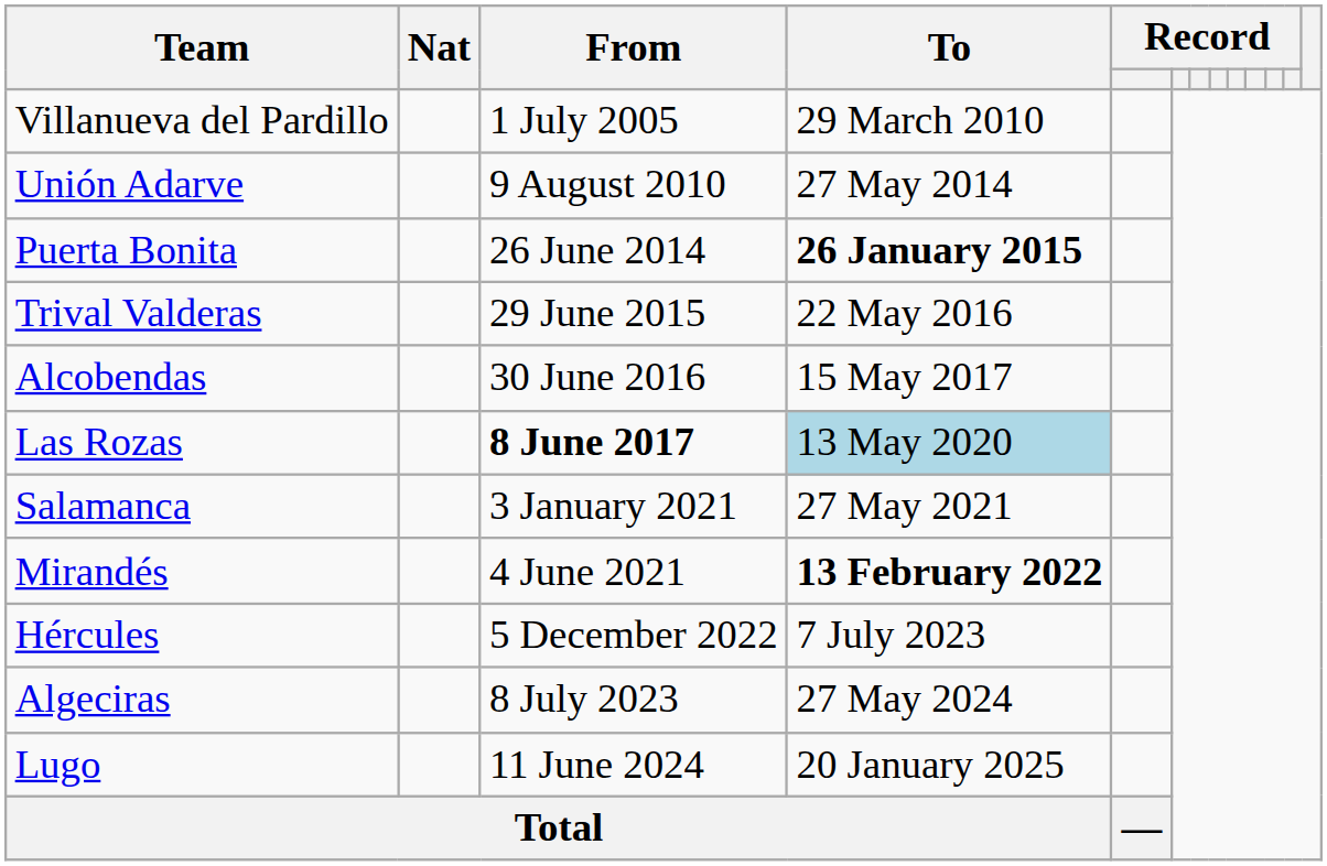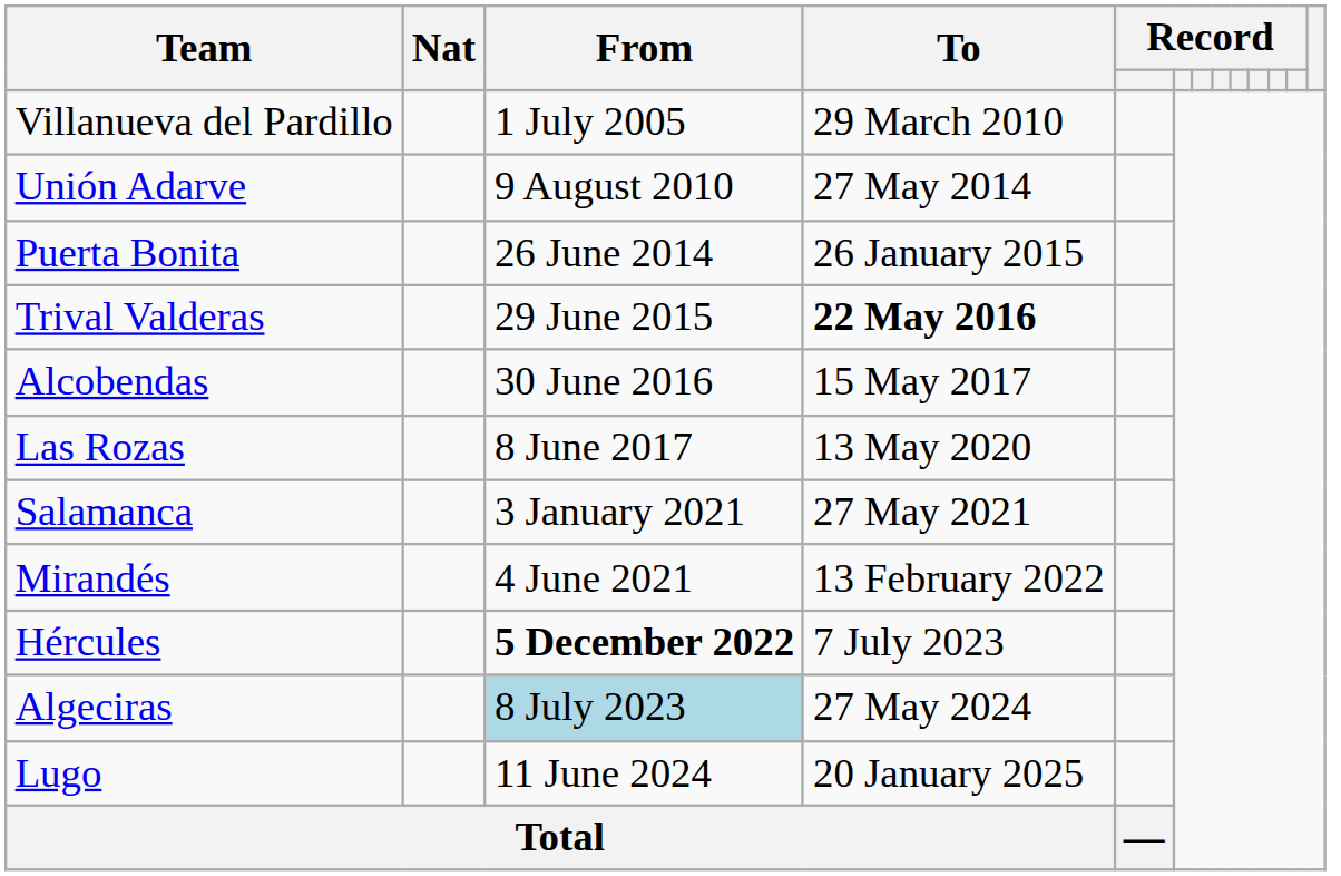 <table class="wikitable" style="text-align: center">
 <tr>
 <th rowspan="2">Team</th>
 <th rowspan="2">Nat</th>
 <th rowspan="2">From</th>
 <th rowspan="2">To</th>
 <th colspan="8">Record</th>
 <th rowspan=2></th>
 </tr>
 <tr>
 <th></th>
 <th></th>
 <th></th>
 <th></th>
 <th></th>
 <th></th>
 <th></th>
 <th></th>
 </tr>
 <tr>
 <td align=left>Villanueva del Pardillo</td>
 <td></td>
 <td align=left>1 July 2005</td>
 <td align=left>29 March 2010<br></td>
 <td></td>
 </tr>
 <tr>
 <td align=left><a href='#'>Unión Adarve</a></td>
 <td></td>
 <td align=left>9 August 2010</td>
 <td align=left>27 May 2014<br></td>
 <td></td>
 </tr>
 <tr>
 <td align=left><a href='#'>Puerta Bonita</a></td>
 <td></td>
 <td align=left>26 June 2014</td>
-<td align=left><strong>26 January 2015<br></strong></td>
+<td align=left>26 January 2015<br></td>
 <td></td>
 </tr>
 <tr>
 <td align=left><a href='#'>Trival Valderas</a></td>
 <td></td>
 <td align=left>29 June 2015</td>
-<td align=left>22 May 2016<br></td>
+<td align=left><strong>22 May 2016<br></strong></td>
 <td></td>
 </tr>
 <tr>
 <td align=left><a href='#'>Alcobendas</a></td>
 <td></td>
 <td align=left>30 June 2016</td>
 <td align=left>15 May 2017<br></td>
 <td></td>
 </tr>
 <tr>
 <td align=left><a href='#'>Las Rozas</a></td>
 <td></td>
-<td align=left><strong>8 June 2017</strong></td>
-<td align=left style="background: lightblue;">13 May 2020<br></td>
+<td align=left>8 June 2017</td>
+<td align=left>13 May 2020<br></td>
 <td></td>
 </tr>
 <tr>
 <td align=left><a href='#'>Salamanca</a></td>
 <td></td>
 <td align=left>3 January 2021</td>
 <td align=left>27 May 2021<br></td>
 <td></td>
 </tr>
 <tr>
 <td align=left><a href='#'>Mirandés</a></td>
 <td></td>
 <td align=left>4 June 2021</td>
-<td align=left><strong>13 February 2022<br></strong></td>
+<td align=left>13 February 2022<br></td>
 <td></td>
 </tr>
 <tr>
 <td align=left><a href='#'>Hércules</a></td>
 <td></td>
-<td align=left>5 December 2022</td>
+<td align=left><strong>5 December 2022</strong></td>
 <td align=left>7 July 2023<br></td>
 <td></td>
 </tr>
 <tr>
 <td align=left><a href='#'>Algeciras</a></td>
 <td></td>
-<td align=left>8 July 2023</td>
+<td align=left style="background: lightblue;">8 July 2023</td>
 <td align=left>27 May 2024<br></td>
 <td></td>
 </tr>
 <tr>
 <td align=left><a href='#'>Lugo</a></td>
 <td></td>
 <td align=left>11 June 2024</td>
 <td align=left>20 January 2025<br></td>
 <td></td>
 </tr>
 <tr>
 <th colspan="4">Total<br></th>
 <th>—</th>
 </tr>
 </table>
